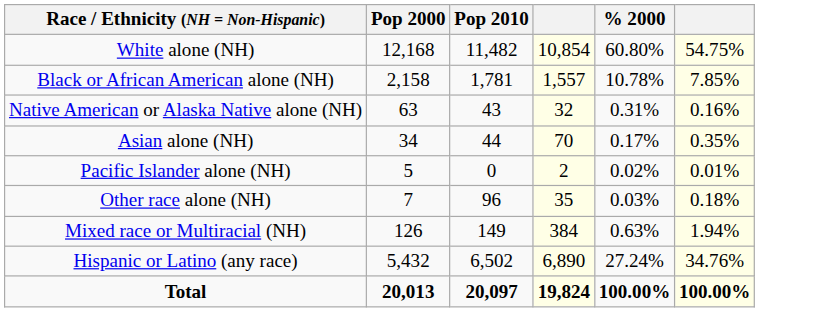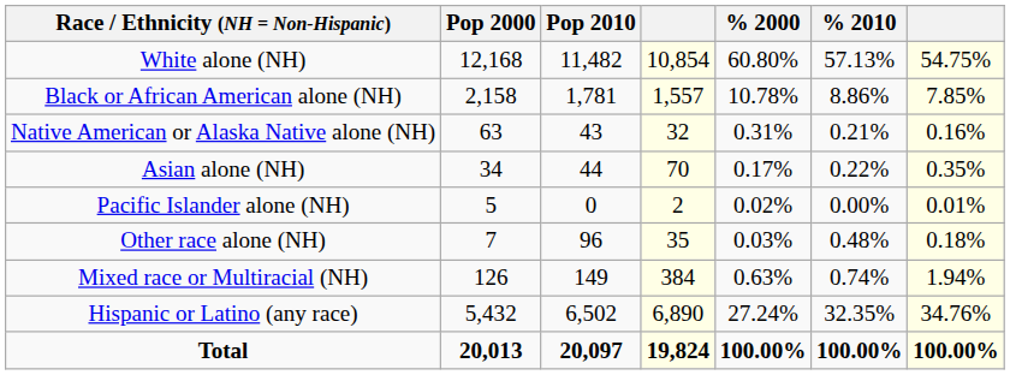 <table class="wikitable" style="text-align:center;">
 <tr>
 <th>Race / Ethnicity <small>(<em>NH = Non-Hispanic</em>)</small></th>
 <th>Pop 2000</th>
 <th>Pop 2010</th>
 <th></th>
 <th>% 2000</th>
+<th>% 2010</th>
 <th></th>
 </tr>
 <tr>
 <td><a href='#'>White</a> alone (NH)</td>
 <td>12,168</td>
 <td>11,482</td>
 <td style='background: #ffffe6;'>10,854</td>
 <td>60.80%</td>
+<td>57.13%</td>
 <td style='background: #ffffe6;'>54.75%</td>
 </tr>
 <tr>
 <td><a href='#'>Black or African American</a> alone (NH)</td>
 <td>2,158</td>
 <td>1,781</td>
 <td style='background: #ffffe6;'>1,557</td>
 <td>10.78%</td>
+<td>8.86%</td>
 <td style='background: #ffffe6;'>7.85%</td>
 </tr>
 <tr>
 <td><a href='#'>Native American</a> or <a href='#'>Alaska Native</a> alone (NH)</td>
 <td>63</td>
 <td>43</td>
 <td style='background: #ffffe6;'>32</td>
 <td>0.31%</td>
+<td>0.21%</td>
 <td style='background: #ffffe6;'>0.16%</td>
 </tr>
 <tr>
 <td><a href='#'>Asian</a> alone (NH)</td>
 <td>34</td>
 <td>44</td>
 <td style='background: #ffffe6;'>70</td>
 <td>0.17%</td>
+<td>0.22%</td>
 <td style='background: #ffffe6;'>0.35%</td>
 </tr>
 <tr>
 <td><a href='#'>Pacific Islander</a> alone (NH)</td>
 <td>5</td>
 <td>0</td>
 <td style='background: #ffffe6;'>2</td>
 <td>0.02%</td>
+<td>0.00%</td>
 <td style='background: #ffffe6;'>0.01%</td>
 </tr>
 <tr>
 <td><a href='#'>Other race</a> alone (NH)</td>
 <td>7</td>
 <td>96</td>
 <td style='background: #ffffe6;'>35</td>
 <td>0.03%</td>
+<td>0.48%</td>
 <td style='background: #ffffe6;'>0.18%</td>
 </tr>
 <tr>
 <td><a href='#'>Mixed race or Multiracial</a> (NH)</td>
 <td>126</td>
 <td>149</td>
 <td style='background: #ffffe6;'>384</td>
 <td>0.63%</td>
+<td>0.74%</td>
 <td style='background: #ffffe6;'>1.94%</td>
 </tr>
 <tr>
 <td><a href='#'>Hispanic or Latino</a> (any race)</td>
 <td>5,432</td>
 <td>6,502</td>
 <td style='background: #ffffe6;'>6,890</td>
 <td>27.24%</td>
+<td>32.35%</td>
 <td style='background: #ffffe6;'>34.76%</td>
 </tr>
 <tr>
 <td><strong>Total</strong></td>
 <td><strong>20,013</strong></td>
 <td><strong>20,097</strong></td>
 <td style='background: #ffffe6;'><strong>19,824</strong></td>
 <td><strong>100.00%</strong></td>
+<td><strong>100.00%</strong></td>
 <td style='background: #ffffe6;'><strong>100.00%</strong></td>
 </tr>
 </table>
